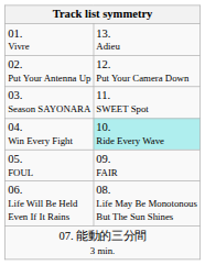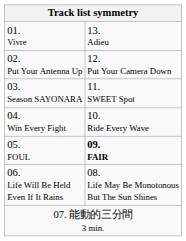 <table class="wikitable" style="float:right; clear:left;">
 <tr>
 <th colspan="2">Track list symmetry</th>
 </tr>
 <tr>
 <td>01. <br><small>Vivre</small></td>
 <td>13. <br><small>Adieu</small></td>
 </tr>
 <tr>
 <td>02. <br><small>Put Your Antenna Up</small></td>
 <td>12. <br><small>Put Your Camera Down</small></td>
 </tr>
 <tr>
 <td>03. <br><small>Season SAYONARA</small></td>
 <td>11. <br><small>SWEET Spot</small></td>
 </tr>
 <tr>
 <td>04. <br><small>Win Every Fight</small></td>
-<td style="background: paleturquoise;">10. <br><small>Ride Every Wave</small></td>
+<td>10. <br><small>Ride Every Wave</small></td>
 </tr>
 <tr>
 <td>05. <br><small>FOUL</small></td>
-<td>09. <br><small>FAIR</small></td>
+<td><strong>09. <br><small>FAIR</small></strong></td>
 </tr>
 <tr>
 <td>06. <br><small>Life Will Be Held<br>Even If It Rains</small></td>
 <td>08. <br><small>Life May Be Monotonous<br>But The Sun Shines</small></td>
 </tr>
 <tr>
 <td colspan="2" style="text-align:center;">07. 能動的三分間<br><small>3 min.</small></td>
 </tr>
 </table>
